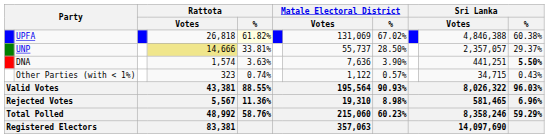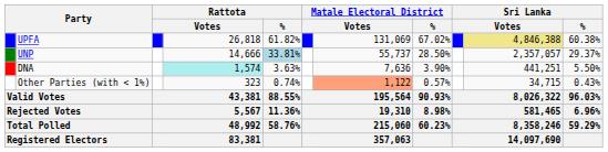 <table class="wikitable">
 <tr>
 <th colspan="2" width="144px"rowspan="2">Party</th>
 <th colspan="3" width="216px">Rattota</th>
 <th colspan="3" width="216px"><a href='#'>Matale Electoral District</a></th>
 <th colspan="3" width="216px">Sri Lanka</th>
 </tr>
 <tr>
 <th colspan="2" width="144px">Votes</th>
 <th>%</th>
 <th colspan="2" width="144px">Votes</th>
 <th>%</th>
 <th colspan="2" width="144px">Votes</th>
 <th>%</th>
 </tr>
 <tr>
 <td style="background-color:blue;" width="10px"></td>
 <td style="text-align:left;"><a href='#'>UPFA</a></td>
 <td style="background-color:blue;" width="10px"></td>
 <td style="text-align:right;">26,818</td>
-<td style="background: lightyellow; text-align:right;">61.82%</td>
+<td style="text-align:right;">61.82%</td>
 <td style="background-color:blue;" width="10px"></td>
 <td style="text-align:right;">131,069</td>
 <td style="text-align:right;">67.02%</td>
 <td style="background-color:blue;" width="10px"></td>
-<td style="text-align:right;">4,846,388</td>
+<td style="background: khaki; text-align:right;">4,846,388</td>
 <td style="text-align:right;">60.38%</td>
 </tr>
 <tr>
 <td style="background-color:green;" width="10px"></td>
 <td style="text-align:left;"><a href='#'>UNP</a></td>
 <td style="background-color:white;" width="10px"></td>
-<td style="background: khaki; text-align:right;">14,666</td>
-<td style="text-align:right;">33.81%</td>
+<td style="text-align:right;">14,666</td>
+<td style="background: lightblue; text-align:right;">33.81%</td>
 <td style="background-color:white;" width="10px"></td>
 <td style="text-align:right;">55,737</td>
 <td style="text-align:right;">28.50%</td>
 <td style="background-color:white;" width="10px"></td>
 <td style="text-align:right;">2,357,057</td>
 <td style="text-align:right;">29.37%</td>
 </tr>
 <tr>
 <td style="background-color:red;" width="10px"></td>
 <td style="text-align:left;">DNA</td>
 <td style="background-color:white;" width="10px"></td>
-<td style="text-align:right;">1,574</td>
+<td style="background: paleturquoise; text-align:right;">1,574</td>
 <td style="text-align:right;">3.63%</td>
 <td style="background-color:white;" width="10px"></td>
 <td style="text-align:right;">7,636</td>
 <td style="text-align:right;">3.90%</td>
 <td style="background-color:white;" width="10px"></td>
 <td style="text-align:right;">441,251</td>
-<td style="text-align:right;"><strong>5.50%</strong></td>
+<td style="text-align:right;">5.50%</td>
 </tr>
 <tr>
 <td style="background-color:white;" width="10px"></td>
 <td style="text-align:left;">Other Parties (with < 1%)</td>
 <td style="background-color:white;" width="10px"></td>
 <td style="text-align:right;">323</td>
 <td style="text-align:right;">0.74%</td>
 <td style="background-color:white;" width="10px"></td>
-<td style="text-align:right;">1,122</td>
+<td style="background: lightsalmon; text-align:right;">1,122</td>
 <td style="text-align:right;">0.57%</td>
 <td style="background-color:white;" width="10px"></td>
 <td style="text-align:right;">34,715</td>
 <td style="text-align:right;">0.43%</td>
 </tr>
 <tr>
 <th colspan="2" width="144px"style="text-align:left;">Valid Votes</th>
 <th style="text-align:right;"colspan="2" width="144px">43,381</th>
 <th style="text-align:right;">88.55%</th>
 <th style="text-align:right;"colspan="2" width="144px">195,564</th>
 <th style="text-align:right;">90.93%</th>
 <th style="text-align:right;"colspan="2" width="144px">8,026,322</th>
 <th style="text-align:right;">96.03%</th>
 </tr>
 <tr>
 <th colspan="2" width="144px"style="text-align:left;">Rejected Votes</th>
 <th style="text-align:right;"colspan="2" width="144px">5,567</th>
 <th style="text-align:right;">11.36%</th>
 <th style="text-align:right;"colspan="2" width="144px">19,310</th>
 <th style="text-align:right;">8.98%</th>
 <th style="text-align:right;"colspan="2" width="144px">581,465</th>
 <th style="text-align:right;">6.96%</th>
 </tr>
 <tr>
 <th colspan="2" width="144px"style="text-align:left;">Total Polled</th>
 <th style="text-align:right;"colspan="2" width="144px">48,992</th>
 <th style="text-align:right;">58.76%</th>
 <th style="text-align:right;"colspan="2" width="144px">215,060</th>
 <th style="text-align:right;">60.23%</th>
 <th style="text-align:right;"colspan="2" width="144px">8,358,246</th>
 <th style="text-align:right;">59.29%</th>
 </tr>
 <tr>
 <th colspan="2" width="144px"style="text-align:left;">Registered Electors</th>
 <th style="text-align:right;"colspan="2" width="144px">83,381</th>
 <th></th>
 <th style="text-align:right;"colspan="2" width="144px">357,063</th>
 <th></th>
 <th style="text-align:right;"colspan="2" width="144px">14,097,690</th>
 <th></th>
 </tr>
 </table>
